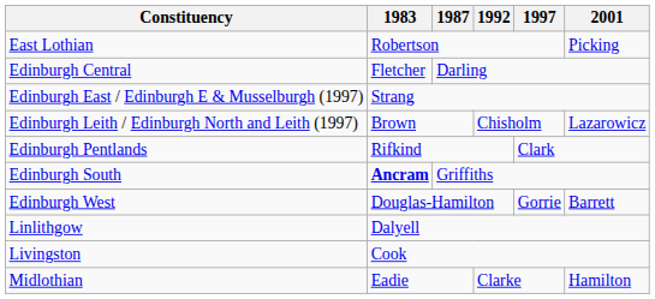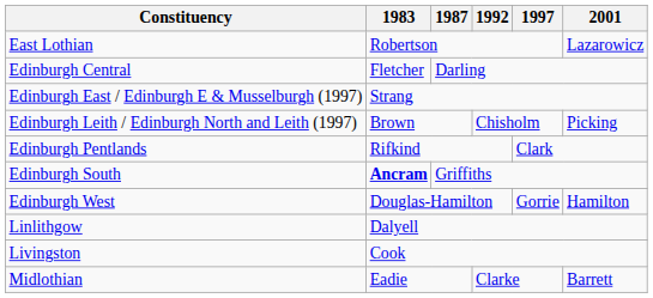 <table class="wikitable">
 <tr>
 <th>Constituency</th>
 <th>1983</th>
 <th>1987</th>
 <th>1992</th>
 <th>1997</th>
 <th>2001</th>
 </tr>
 <tr>
 <td><a href='#'>East Lothian</a></td>
 <td colspan="4"><a href='#'>Robertson</a></td>
-<td><a href='#'>Picking</a></td>
+<td><a href='#'>Lazarowicz</a></td>
 </tr>
 <tr>
 <td><a href='#'>Edinburgh Central</a></td>
 <td><a href='#'>Fletcher</a></td>
 <td colspan="4"><a href='#'>Darling</a></td>
 </tr>
 <tr>
 <td><a href='#'>Edinburgh East</a> / <a href='#'>Edinburgh E & Musselburgh</a> (1997)</td>
 <td colspan="5"><a href='#'>Strang</a></td>
 </tr>
 <tr>
 <td><a href='#'>Edinburgh Leith</a> / <a href='#'>Edinburgh North and Leith</a> (1997)</td>
 <td colspan="2"><a href='#'>Brown</a></td>
 <td colspan="2"><a href='#'>Chisholm</a></td>
-<td><a href='#'>Lazarowicz</a></td>
+<td><a href='#'>Picking</a></td>
 </tr>
 <tr>
 <td><a href='#'>Edinburgh Pentlands</a></td>
 <td colspan="3"><a href='#'>Rifkind</a></td>
 <td colspan="2"><a href='#'>Clark</a></td>
 </tr>
 <tr>
 <td><a href='#'>Edinburgh South</a></td>
 <td><strong><a href='#'>Ancram</a></strong></td>
 <td colspan="4"><a href='#'>Griffiths</a></td>
 </tr>
 <tr>
 <td><a href='#'>Edinburgh West</a></td>
 <td colspan="3"><a href='#'>Douglas-Hamilton</a></td>
 <td><a href='#'>Gorrie</a></td>
-<td><a href='#'>Barrett</a></td>
+<td><a href='#'>Hamilton</a></td>
 </tr>
 <tr>
 <td><a href='#'>Linlithgow</a></td>
 <td colspan="5"><a href='#'>Dalyell</a></td>
 </tr>
 <tr>
 <td><a href='#'>Livingston</a></td>
 <td colspan="5"><a href='#'>Cook</a></td>
 </tr>
 <tr>
 <td><a href='#'>Midlothian</a></td>
 <td colspan="2"><a href='#'>Eadie</a></td>
 <td colspan="2"><a href='#'>Clarke</a></td>
-<td><a href='#'>Hamilton</a></td>
+<td><a href='#'>Barrett</a></td>
 </tr>
 </table>
